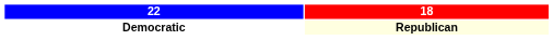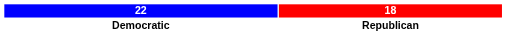 <table style="width:60%; text-align:center;">
 <tr style="color:white;">
 <td style="background:blue; width:55.0%;"><strong>22</strong></td>
 <td style="background:red; width:45.0%;"><strong>18</strong></td>
 </tr>
 <tr>
 <td><span><strong>Democratic</strong></span></td>
-<td style="background: lightyellow;"><span><strong>Republican</strong></span></td>
+<td><span><strong>Republican</strong></span></td>
 </tr>
 </table>
